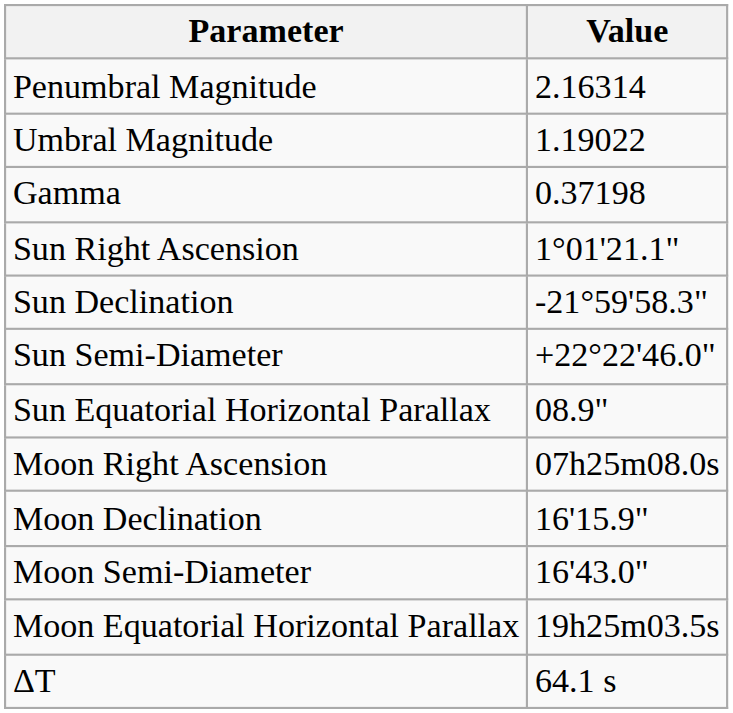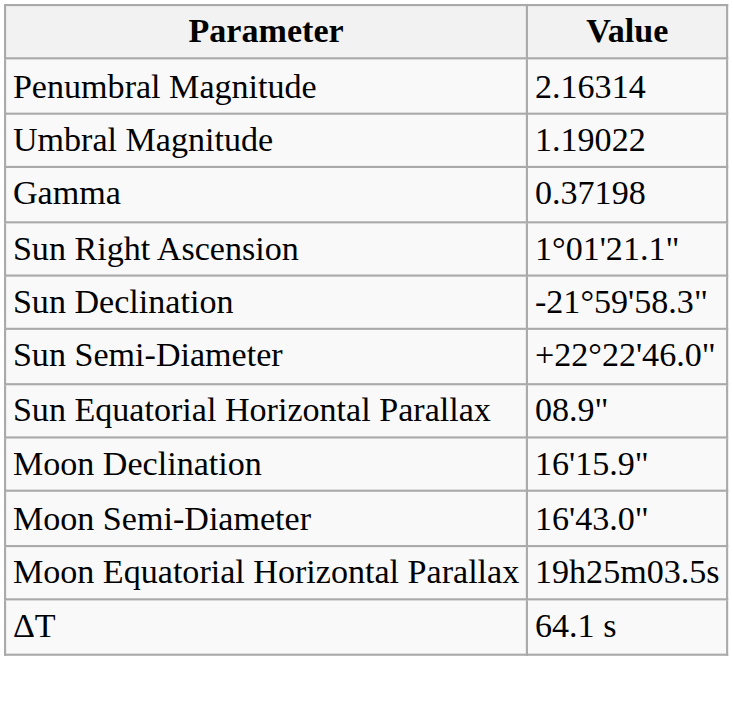 <table class="wikitable">
 <tr>
 <th>Parameter</th>
 <th>Value</th>
 </tr>
 <tr>
 <td>Penumbral Magnitude</td>
 <td>2.16314</td>
 </tr>
 <tr>
 <td>Umbral Magnitude</td>
 <td>1.19022</td>
 </tr>
 <tr>
 <td>Gamma</td>
 <td>0.37198</td>
 </tr>
 <tr>
 <td>Sun Right Ascension</td>
 <td>1°01'21.1"</td>
 </tr>
 <tr>
 <td>Sun Declination</td>
 <td>-21°59'58.3"</td>
 </tr>
 <tr>
 <td>Sun Semi-Diameter</td>
 <td>+22°22'46.0"</td>
 </tr>
 <tr>
 <td>Sun Equatorial Horizontal Parallax</td>
 <td>08.9"</td>
 </tr>
 <tr>
-<td>Moon Right Ascension</td>
-<td>07h25m08.0s</td>
-</tr>
-<tr>
 <td>Moon Declination</td>
 <td>16'15.9"</td>
 </tr>
 <tr>
 <td>Moon Semi-Diameter</td>
 <td>16'43.0"</td>
 </tr>
 <tr>
 <td>Moon Equatorial Horizontal Parallax</td>
 <td>19h25m03.5s</td>
 </tr>
 <tr>
 <td>ΔT</td>
 <td>64.1 s</td>
 </tr>
 </table>
